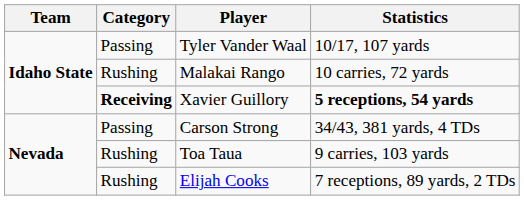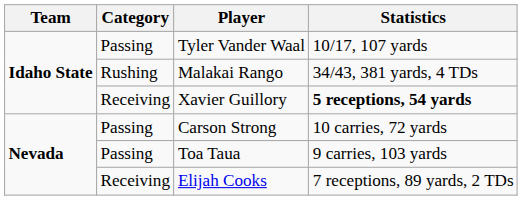 <table class="wikitable" style="float: left;">
 <tr>
 <th>Team</th>
 <th>Category</th>
 <th>Player</th>
 <th>Statistics</th>
 </tr>
 <tr>
 <td rowspan=3><strong>Idaho State</strong></td>
 <td>Passing</td>
 <td>Tyler Vander Waal</td>
 <td>10/17, 107 yards</td>
 </tr>
 <tr>
 <td>Rushing</td>
 <td>Malakai Rango</td>
-<td>10 carries, 72 yards</td>
+<td>34/43, 381 yards, 4 TDs</td>
 </tr>
 <tr>
-<td><strong>Receiving</strong></td>
+<td>Receiving</td>
 <td>Xavier Guillory</td>
 <td><strong>5 receptions, 54 yards</strong></td>
 </tr>
 <tr>
 <td rowspan=3><strong>Nevada</strong></td>
 <td>Passing</td>
 <td>Carson Strong</td>
-<td>34/43, 381 yards, 4 TDs</td>
+<td>10 carries, 72 yards</td>
 </tr>
 <tr>
-<td>Rushing</td>
+<td>Passing</td>
 <td>Toa Taua</td>
 <td>9 carries, 103 yards</td>
 </tr>
 <tr>
-<td>Rushing</td>
+<td>Receiving</td>
 <td><a href='#'>Elijah Cooks</a></td>
 <td>7 receptions, 89 yards, 2 TDs</td>
 </tr>
 </table>
